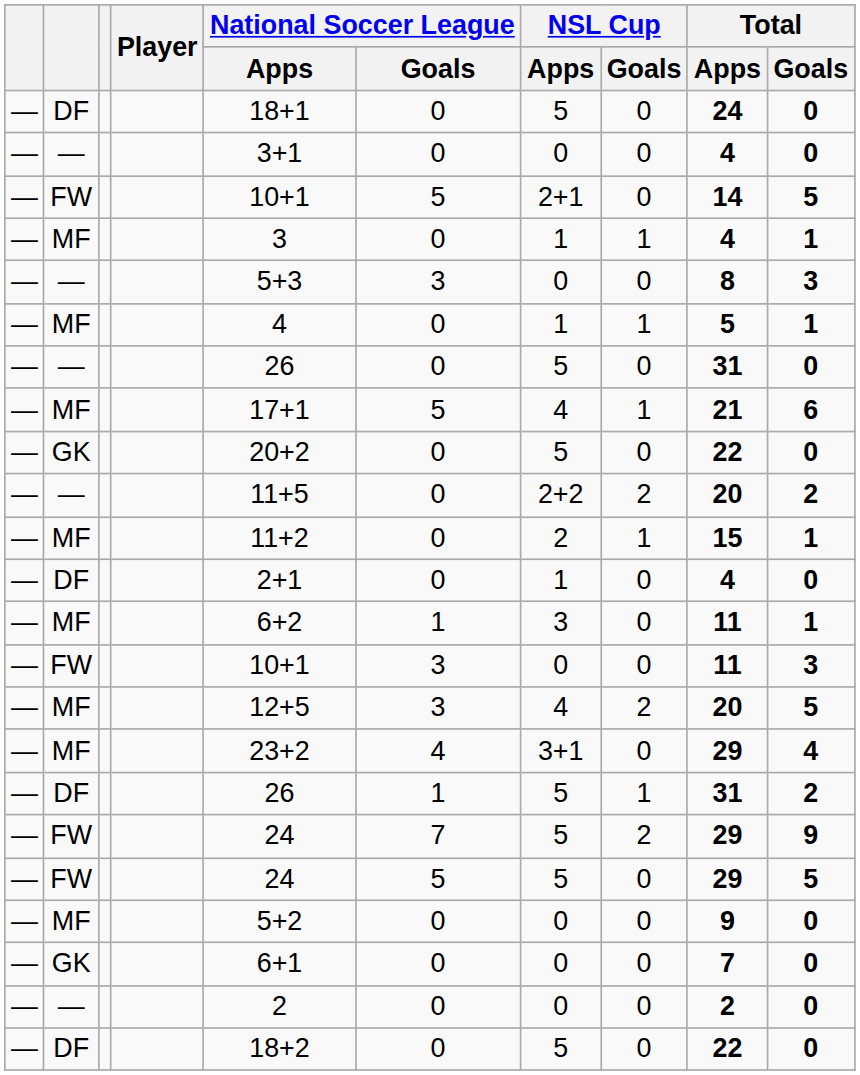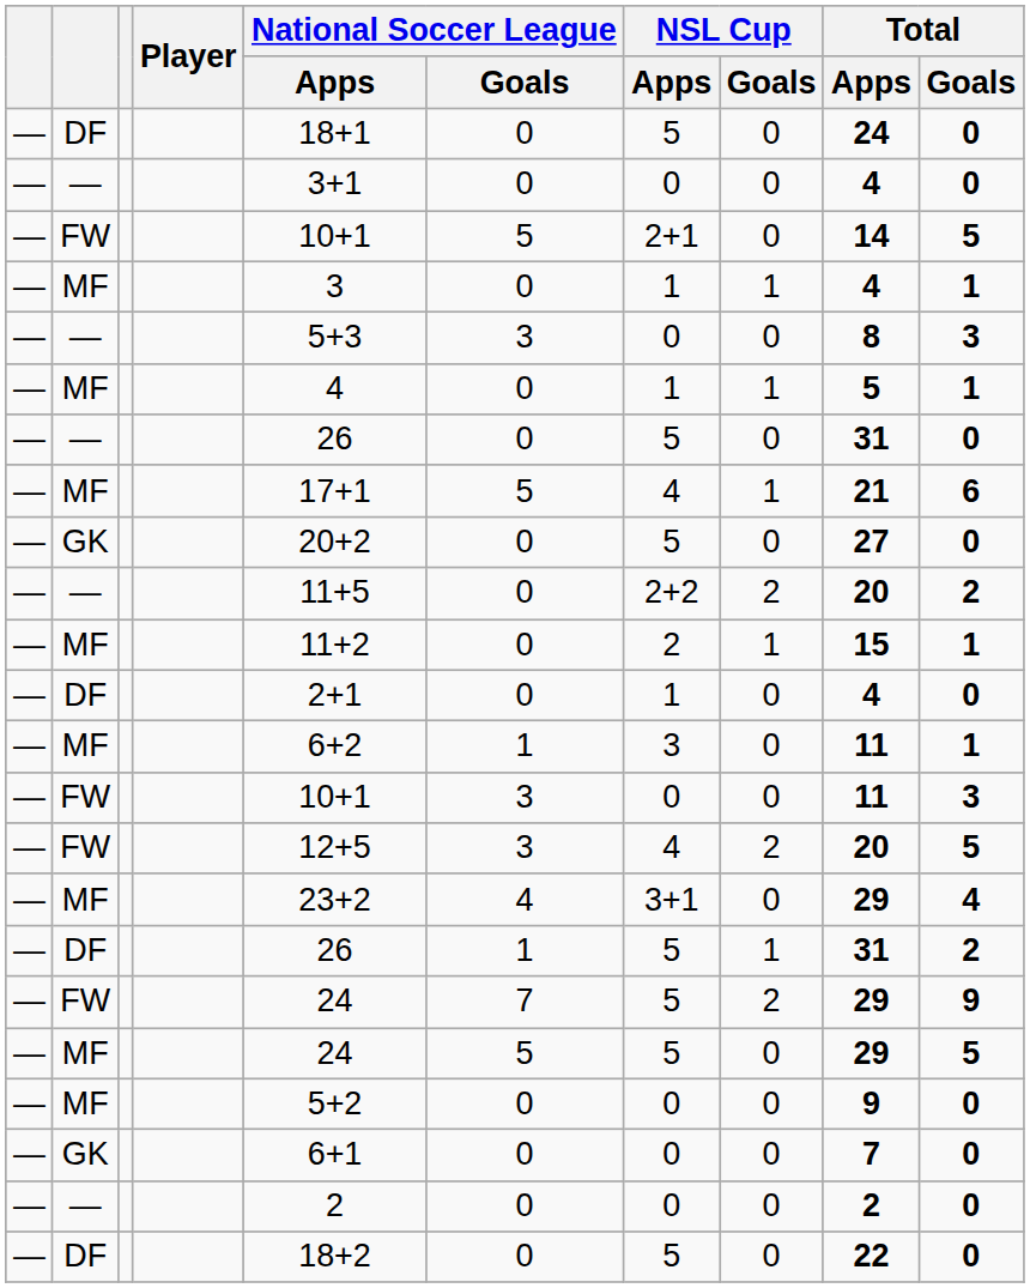 <table class="wikitable sortable" style="text-align:center">
 <tr>
 <th rowspan="2"></th>
 <th rowspan="2"></th>
 <th rowspan="2"></th>
 <th rowspan="2">Player</th>
 <th colspan="2"><a href='#'>National Soccer League</a></th>
 <th colspan="2"><a href='#'>NSL Cup</a></th>
 <th colspan="2">Total</th>
 </tr>
 <tr>
 <th>Apps</th>
 <th>Goals</th>
 <th>Apps</th>
 <th>Goals</th>
 <th>Apps</th>
 <th>Goals</th>
 </tr>
 <tr>
 <td>—</td>
 <td>DF</td>
 <td></td>
 <td align="left"></td>
 <td>18+1</td>
 <td>0</td>
 <td>5</td>
 <td>0</td>
 <td><strong>24</strong></td>
 <td><strong>0</strong></td>
 </tr>
 <tr>
 <td>—</td>
 <td>—</td>
 <td></td>
 <td align="left"></td>
 <td>3+1</td>
 <td>0</td>
 <td>0</td>
 <td>0</td>
 <td><strong>4</strong></td>
 <td><strong>0</strong></td>
 </tr>
 <tr>
 <td>—</td>
 <td>FW</td>
 <td></td>
 <td align="left"></td>
 <td>10+1</td>
 <td>5</td>
 <td>2+1</td>
 <td>0</td>
 <td><strong>14</strong></td>
 <td><strong>5</strong></td>
 </tr>
 <tr>
 <td>—</td>
 <td>MF</td>
 <td></td>
 <td align="left"></td>
 <td>3</td>
 <td>0</td>
 <td>1</td>
 <td>1</td>
 <td><strong>4</strong></td>
 <td><strong>1</strong></td>
 </tr>
 <tr>
 <td>—</td>
 <td>—</td>
 <td></td>
 <td align="left"></td>
 <td>5+3</td>
 <td>3</td>
 <td>0</td>
 <td>0</td>
 <td><strong>8</strong></td>
 <td><strong>3</strong></td>
 </tr>
 <tr>
 <td>—</td>
 <td>MF</td>
 <td></td>
 <td align="left"></td>
 <td>4</td>
 <td>0</td>
 <td>1</td>
 <td>1</td>
 <td><strong>5</strong></td>
 <td><strong>1</strong></td>
 </tr>
 <tr>
 <td>—</td>
 <td>—</td>
 <td></td>
 <td align="left"></td>
 <td>26</td>
 <td>0</td>
 <td>5</td>
 <td>0</td>
 <td><strong>31</strong></td>
 <td><strong>0</strong></td>
 </tr>
 <tr>
 <td>—</td>
 <td>MF</td>
 <td></td>
 <td align="left"></td>
 <td>17+1</td>
 <td>5</td>
 <td>4</td>
 <td>1</td>
 <td><strong>21</strong></td>
 <td><strong>6</strong></td>
 </tr>
 <tr>
 <td>—</td>
 <td>GK</td>
 <td></td>
 <td align="left"></td>
 <td>20+2</td>
 <td>0</td>
 <td>5</td>
 <td>0</td>
-<td><strong>22</strong></td>
+<td><strong>27</strong></td>
 <td><strong>0</strong></td>
 </tr>
 <tr>
 <td>—</td>
 <td>—</td>
 <td></td>
 <td align="left"></td>
 <td>11+5</td>
 <td>0</td>
 <td>2+2</td>
 <td>2</td>
 <td><strong>20</strong></td>
 <td><strong>2</strong></td>
 </tr>
 <tr>
 <td>—</td>
 <td>MF</td>
 <td></td>
 <td align="left"></td>
 <td>11+2</td>
 <td>0</td>
 <td>2</td>
 <td>1</td>
 <td><strong>15</strong></td>
 <td><strong>1</strong></td>
 </tr>
 <tr>
 <td>—</td>
 <td>DF</td>
 <td></td>
 <td align="left"></td>
 <td>2+1</td>
 <td>0</td>
 <td>1</td>
 <td>0</td>
 <td><strong>4</strong></td>
 <td><strong>0</strong></td>
 </tr>
 <tr>
 <td>—</td>
 <td>MF</td>
 <td></td>
 <td align="left"></td>
 <td>6+2</td>
 <td>1</td>
 <td>3</td>
 <td>0</td>
 <td><strong>11</strong></td>
 <td><strong>1</strong></td>
 </tr>
 <tr>
 <td>—</td>
 <td>FW</td>
 <td></td>
 <td align="left"></td>
 <td>10+1</td>
 <td>3</td>
 <td>0</td>
 <td>0</td>
 <td><strong>11</strong></td>
 <td><strong>3</strong></td>
 </tr>
 <tr>
 <td>—</td>
-<td>MF</td>
+<td>FW</td>
 <td></td>
 <td align="left"></td>
 <td>12+5</td>
 <td>3</td>
 <td>4</td>
 <td>2</td>
 <td><strong>20</strong></td>
 <td><strong>5</strong></td>
 </tr>
 <tr>
 <td>—</td>
 <td>MF</td>
 <td></td>
 <td align="left"></td>
 <td>23+2</td>
 <td>4</td>
 <td>3+1</td>
 <td>0</td>
 <td><strong>29</strong></td>
 <td><strong>4</strong></td>
 </tr>
 <tr>
 <td>—</td>
 <td>DF</td>
 <td></td>
 <td align="left"></td>
 <td>26</td>
 <td>1</td>
 <td>5</td>
 <td>1</td>
 <td><strong>31</strong></td>
 <td><strong>2</strong></td>
 </tr>
 <tr>
 <td>—</td>
 <td>FW</td>
 <td></td>
 <td align="left"></td>
 <td>24</td>
 <td>7</td>
 <td>5</td>
 <td>2</td>
 <td><strong>29</strong></td>
 <td><strong>9</strong></td>
 </tr>
 <tr>
 <td>—</td>
-<td>FW</td>
+<td>MF</td>
 <td></td>
 <td align="left"></td>
 <td>24</td>
 <td>5</td>
 <td>5</td>
 <td>0</td>
 <td><strong>29</strong></td>
 <td><strong>5</strong></td>
 </tr>
 <tr>
 <td>—</td>
 <td>MF</td>
 <td></td>
 <td align="left"></td>
 <td>5+2</td>
 <td>0</td>
 <td>0</td>
 <td>0</td>
 <td><strong>9</strong></td>
 <td><strong>0</strong></td>
 </tr>
 <tr>
 <td>—</td>
 <td>GK</td>
 <td></td>
 <td align="left"></td>
 <td>6+1</td>
 <td>0</td>
 <td>0</td>
 <td>0</td>
 <td><strong>7</strong></td>
 <td><strong>0</strong></td>
 </tr>
 <tr>
 <td>—</td>
 <td>—</td>
 <td></td>
 <td align="left"></td>
 <td>2</td>
 <td>0</td>
 <td>0</td>
 <td>0</td>
 <td><strong>2</strong></td>
 <td><strong>0</strong></td>
 </tr>
 <tr>
 <td>—</td>
 <td>DF</td>
 <td></td>
 <td align="left"></td>
 <td>18+2</td>
 <td>0</td>
 <td>5</td>
 <td>0</td>
 <td><strong>22</strong></td>
 <td><strong>0</strong></td>
 </tr>
 </table>
